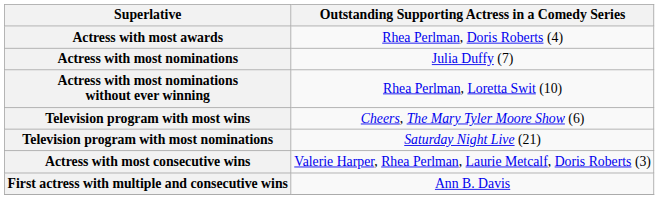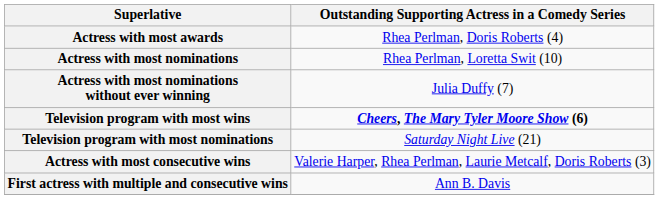 <table class="wikitable" style="text-align: center; whitespace:no-wrap;">
 <tr>
 <th>Superlative</th>
 <th colspan="2"><strong> Outstanding Supporting Actress in a Comedy Series</strong></th>
 </tr>
 <tr>
 <th>Actress with most awards</th>
 <td><a href='#'>Rhea Perlman</a>, <a href='#'>Doris Roberts</a> (4)</td>
 </tr>
 <tr>
 <th>Actress with most nominations</th>
+<td><a href='#'>Rhea Perlman</a>, <a href='#'>Loretta Swit</a> (10)</td>
+</tr>
+<tr>
+<th>Actress with most nominations <br> without ever winning</th>
 <td><a href='#'>Julia Duffy</a> (7)</td>
 </tr>
 <tr>
-<th>Actress with most nominations <br> without ever winning</th>
-<td><a href='#'>Rhea Perlman</a>, <a href='#'>Loretta Swit</a> (10)</td>
-</tr>
-<tr>
 <th>Television program with most wins</th>
-<td><em><a href='#'>Cheers</a></em>, <em><a href='#'>The Mary Tyler Moore Show</a></em> (6)</td>
+<td><strong><em><a href='#'>Cheers</a></em>, <em><a href='#'>The Mary Tyler Moore Show</a></em> (6)</strong></td>
 </tr>
 <tr>
 <th>Television program with most nominations</th>
 <td><em><a href='#'>Saturday Night Live</a></em> (21)</td>
 </tr>
 <tr>
 <th>Actress with most consecutive wins</th>
 <td><a href='#'>Valerie Harper</a>, <a href='#'>Rhea Perlman</a>, <a href='#'>Laurie Metcalf</a>, <a href='#'>Doris Roberts</a> (3)</td>
 </tr>
 <tr>
 <th>First actress with multiple and consecutive wins</th>
 <td><a href='#'>Ann B. Davis</a></td>
 </tr>
 <tr>
 </tr>
 </table>
